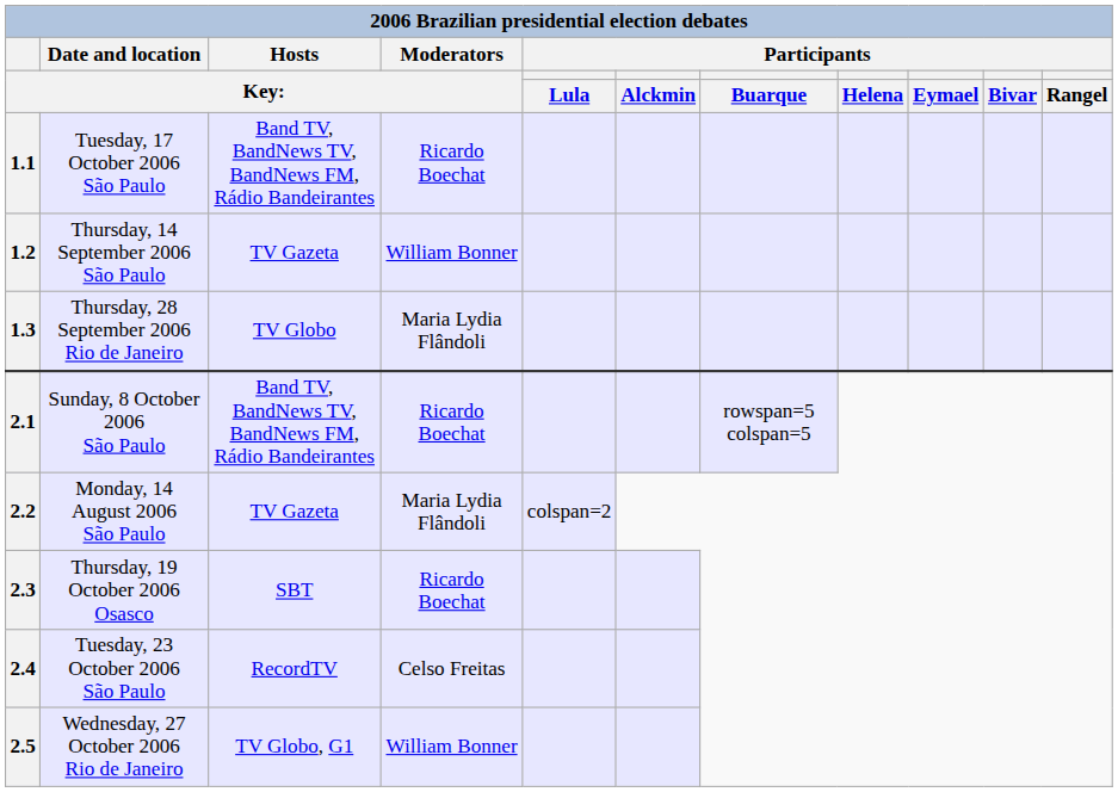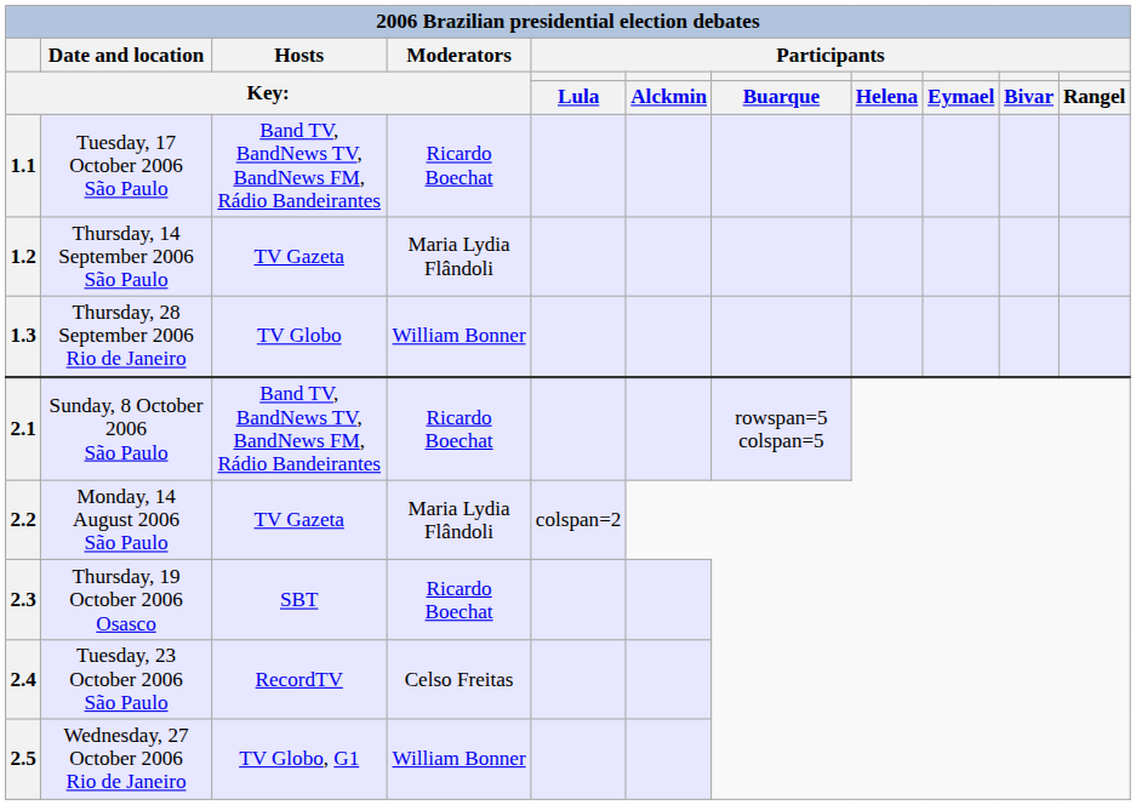 <table class=wikitable style=text-align:center>
 <tr>
 <th colspan=11 style=background:#B0C4DE>2006 Brazilian presidential election debates</th>
 </tr>
 <tr>
 <th></th>
 <th>Date and location</th>
 <th>Hosts</th>
 <th>Moderators</th>
 <th colspan=7 scope=col>Participants</th>
 </tr>
 <tr>
 <th colspan=4 rowspan=2>Key:<br></th>
 <th scope=col style=background:><small><a href='#'></a></small></th>
 <th scope=col style=background:><small><a href='#'></a></small></th>
 <th scope=col style=background:><small><a href='#'></a></small></th>
 <th scope=col style=background:><small><a href='#'></a></small></th>
 <th scope=col style=background:><small><a href='#'></a></small></th>
 <th scope=col style=background:><small><a href='#'></a></small></th>
 <th scope=col style=background:><small><a href='#'></a></small></th>
 </tr>
 <tr>
 <th><a href='#'>Lula</a></th>
 <th><a href='#'>Alckmin</a></th>
 <th><a href='#'>Buarque</a></th>
 <th><a href='#'>Helena</a></th>
 <th><a href='#'>Eymael</a></th>
 <th><a href='#'>Bivar</a></th>
 <th>Rangel</th>
 </tr>
 <tr style=background:#e7e7ff>
 <th scope=row style=text-align:center>1.1</th>
 <td style=max-width:14em>Tuesday, 17 October 2006<br><a href='#'>São Paulo</a></td>
 <td style=max-width:12em><a href='#'>Band TV</a>, <a href='#'>BandNews TV</a>, <a href='#'>BandNews FM</a>, <a href='#'>Rádio Bandeirantes</a></td>
 <td style=max-width:16em><a href='#'>Ricardo Boechat</a></td>
 <td></td>
 <td></td>
 <td></td>
 <td></td>
 <td></td>
 <td></td>
 <td></td>
 </tr>
 <tr style=background:#e7e7ff>
 <th scope=row style=text-align:center>1.2</th>
 <td style=max-width:14em>Thursday, 14 September 2006<br><a href='#'>São Paulo</a></td>
 <td style=max-width:12em><a href='#'>TV Gazeta</a></td>
-<td style=max-width:16em><a href='#'>William Bonner</a></td>
+<td style=max-width:16em>Maria Lydia Flândoli</td>
 <td></td>
 <td></td>
 <td></td>
 <td></td>
 <td></td>
 <td></td>
 <td></td>
 </tr>
 <tr style=background:#e7e7ff>
 <th scope=row style=text-align:center>1.3</th>
 <td style=max-width:14em>Thursday, 28 September 2006<br><a href='#'>Rio de Janeiro</a></td>
 <td style=max-width:12em><a href='#'>TV Globo</a></td>
-<td style=max-width:16em>Maria Lydia Flândoli</td>
+<td style=max-width:16em><a href='#'>William Bonner</a></td>
 <td></td>
 <td></td>
 <td></td>
 <td></td>
 <td></td>
 <td></td>
 <td></td>
 </tr>
 <tr style="background:#e7e7ff; border-top: 2px solid #333333">
 <th scope=row style=text-align:center>2.1</th>
 <td style=max-width:14em>Sunday, 8 October 2006<br><a href='#'>São Paulo</a></td>
 <td style=max-width:12em><a href='#'>Band TV</a>, <a href='#'>BandNews TV</a>, <a href='#'>BandNews FM</a>, <a href='#'>Rádio Bandeirantes</a></td>
 <td style=max-width:16em><a href='#'>Ricardo Boechat</a></td>
 <td></td>
 <td></td>
 <td>rowspan=5 colspan=5 </td>
 </tr>
 <tr style=background:#e7e7ff>
 <th scope=row style=text-align:center>2.2</th>
 <td style=max-width:14em>Monday, 14 August 2006<br><a href='#'>São Paulo</a></td>
 <td style=max-width:12em><a href='#'>TV Gazeta</a></td>
 <td style=max-width:16em>Maria Lydia Flândoli</td>
 <td>colspan=2 </td>
 </tr>
 <tr style=background:#e7e7ff>
 <th scope=row style=text-align:center>2.3</th>
 <td style=max-width:14em>Thursday, 19 October 2006<br><a href='#'>Osasco</a></td>
 <td style=max-width:12em><a href='#'>SBT</a></td>
 <td style=max-width:16em><a href='#'>Ricardo Boechat</a></td>
 <td></td>
 <td></td>
 </tr>
 <tr style=background:#e7e7ff>
 <th scope=row style=text-align:center>2.4</th>
 <td style=max-width:14em>Tuesday, 23 October 2006<br><a href='#'>São Paulo</a></td>
 <td style=max-width:12em><a href='#'>RecordTV</a></td>
 <td style=max-width:16em>Celso Freitas</td>
 <td></td>
 <td></td>
 </tr>
 <tr style=background:#e7e7ff>
 <th scope=row style=text-align:center>2.5</th>
 <td style=max-width:14em>Wednesday, 27 October 2006<br><a href='#'>Rio de Janeiro</a></td>
 <td style=max-width:12em><a href='#'>TV Globo</a>, <a href='#'>G1</a></td>
 <td style=max-width:16em><a href='#'>William Bonner</a></td>
 <td></td>
 <td></td>
 </tr>
 </table>
